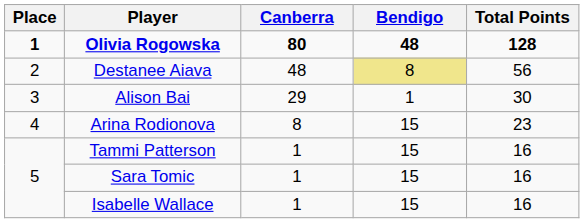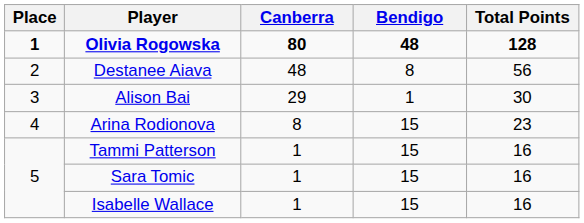 <table class="wikitable" style="text-align: center;">
 <tr>
 <th style="width:50px;">Place</th>
 <th width=160>Player</th>
 <th width=100><a href='#'>Canberra</a></th>
 <th width=100><a href='#'>Bendigo</a></th>
 <th width=100>Total Points</th>
 </tr>
 <tr>
 <td><strong>1</strong></td>
 <td><strong><a href='#'>Olivia Rogowska</a></strong></td>
 <td><strong>80</strong></td>
 <td><strong>48</strong></td>
 <td><strong>128</strong></td>
 </tr>
 <tr>
 <td>2</td>
 <td><a href='#'>Destanee Aiava</a></td>
 <td>48</td>
-<td style="background: khaki;">8</td>
+<td>8</td>
 <td>56</td>
 </tr>
 <tr>
 <td>3</td>
 <td><a href='#'>Alison Bai</a></td>
 <td>29</td>
 <td>1</td>
 <td>30</td>
 </tr>
 <tr>
 <td>4</td>
 <td><a href='#'>Arina Rodionova</a></td>
 <td>8</td>
 <td>15</td>
 <td>23</td>
 </tr>
 <tr>
 <td rowspan=3>5</td>
 <td><a href='#'>Tammi Patterson</a></td>
 <td>1</td>
 <td>15</td>
 <td>16</td>
 </tr>
 <tr>
 <td><a href='#'>Sara Tomic</a></td>
 <td>1</td>
 <td>15</td>
 <td>16</td>
 </tr>
 <tr>
 <td><a href='#'>Isabelle Wallace</a></td>
 <td>1</td>
 <td>15</td>
 <td>16</td>
 </tr>
 </table>
